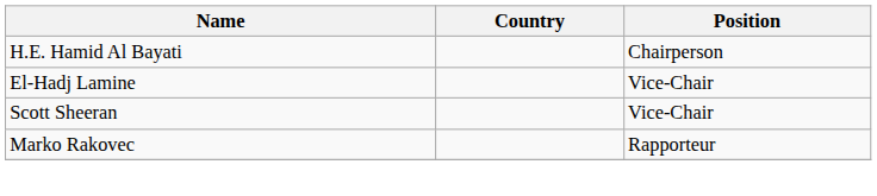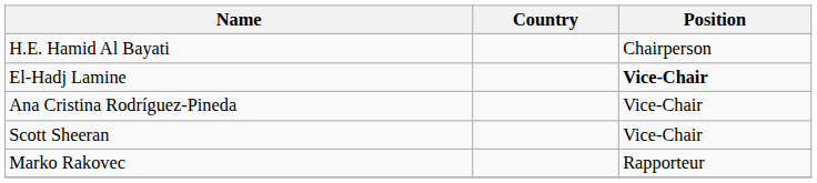 <table class="wikitable" style="display: inline-table; width: 45%">
 <tr>
 <th>Name</th>
 <th>Country</th>
 <th>Position</th>
 </tr>
 <tr>
 <td>H.E. Hamid Al Bayati</td>
 <td></td>
 <td>Chairperson</td>
 </tr>
 <tr>
 <td>El-Hadj Lamine</td>
+<td></td>
+<td><strong>Vice-Chair</strong></td>
+</tr>
+<tr>
+<td>Ana Cristina Rodríguez-Pineda</td>
 <td></td>
 <td>Vice-Chair</td>
 </tr>
 <tr>
 <td>Scott Sheeran</td>
 <td></td>
 <td>Vice-Chair</td>
 </tr>
 <tr>
 <td>Marko Rakovec</td>
 <td></td>
 <td>Rapporteur</td>
 </tr>
 <tr>
 </tr>
 </table>
